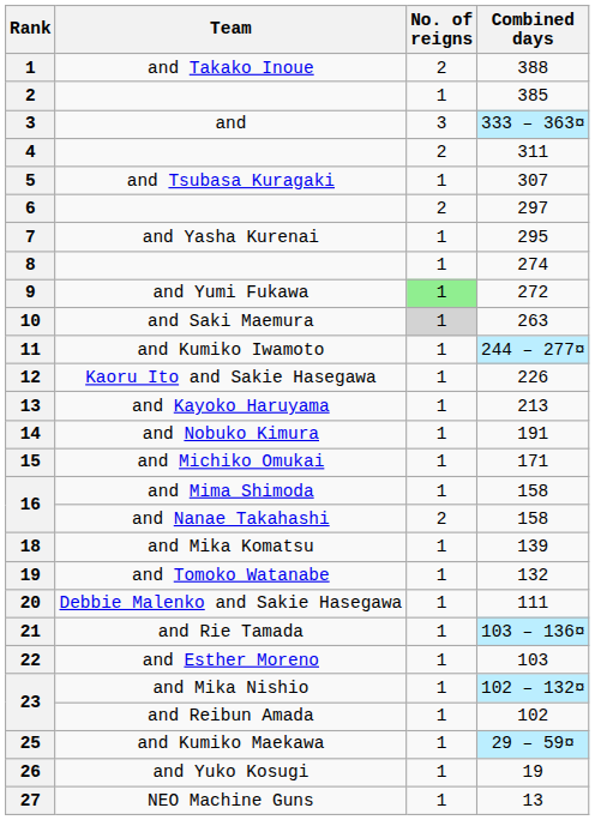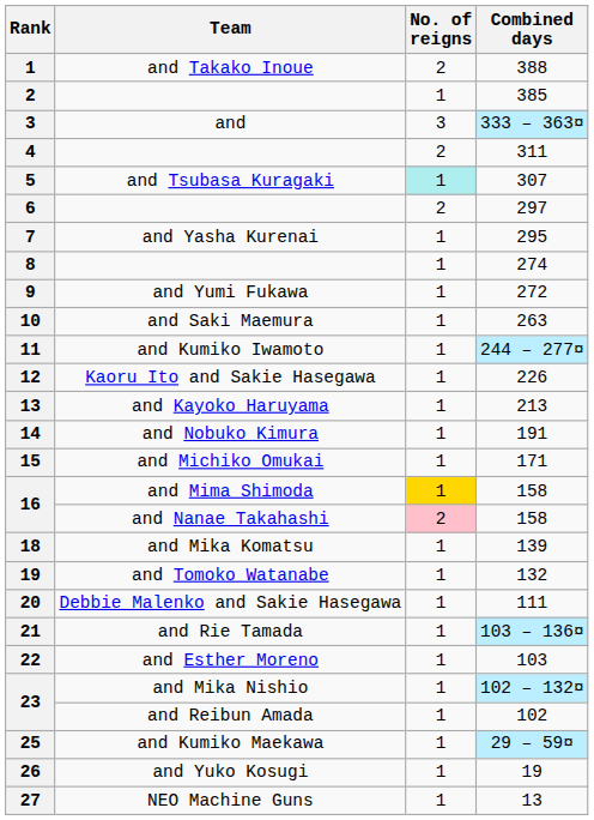 <table class="wikitable sortable" style="text-align: center">
 <tr>
 <th>Rank</th>
 <th>Team</th>
 <th>No. of<br>reigns</th>
 <th>Combined<br>days</th>
 </tr>
 <tr>
 <th>1</th>
 <td> and <a href='#'>Takako Inoue</a></td>
 <td>2</td>
 <td>388</td>
 </tr>
 <tr>
 <th>2</th>
 <td><br></td>
 <td>1</td>
 <td>385</td>
 </tr>
 <tr>
 <th>3</th>
 <td> and </td>
 <td>3</td>
 <td style="background-color:#bbeeff">333 – 363¤</td>
 </tr>
 <tr>
 <th>4</th>
 <td><br></td>
 <td>2</td>
 <td>311</td>
 </tr>
 <tr>
 <th>5</th>
 <td> and <a href='#'>Tsubasa Kuragaki</a></td>
-<td>1</td>
+<td style="background: paleturquoise;">1</td>
 <td>307</td>
 </tr>
 <tr>
 <th>6</th>
 <td><br></td>
 <td>2</td>
 <td>297</td>
 </tr>
 <tr>
 <th>7</th>
 <td> and Yasha Kurenai</td>
 <td>1</td>
 <td>295</td>
 </tr>
 <tr>
 <th>8</th>
 <td><br></td>
 <td>1</td>
 <td>274</td>
 </tr>
 <tr>
 <th>9</th>
 <td> and Yumi Fukawa</td>
-<td style="background: lightgreen;">1</td>
+<td>1</td>
 <td>272</td>
 </tr>
 <tr>
 <th>10</th>
 <td> and Saki Maemura</td>
-<td style="background: lightgrey;">1</td>
+<td>1</td>
 <td>263</td>
 </tr>
 <tr>
 <th>11</th>
 <td> and Kumiko Iwamoto</td>
 <td>1</td>
 <td style="background-color:#bbeeff">244 – 277¤</td>
 </tr>
 <tr>
 <th>12</th>
 <td><a href='#'>Kaoru Ito</a> and Sakie Hasegawa</td>
 <td>1</td>
 <td>226</td>
 </tr>
 <tr>
 <th>13</th>
 <td> and <a href='#'>Kayoko Haruyama</a></td>
 <td>1</td>
 <td>213</td>
 </tr>
 <tr>
 <th>14</th>
 <td> and <a href='#'>Nobuko Kimura</a></td>
 <td>1</td>
 <td>191</td>
 </tr>
 <tr>
 <th>15</th>
 <td> and <a href='#'>Michiko Omukai</a></td>
 <td>1</td>
 <td>171</td>
 </tr>
 <tr>
 <th rowspan=2>16</th>
 <td> and <a href='#'>Mima Shimoda</a></td>
-<td>1</td>
+<td style="background: gold;">1</td>
 <td>158</td>
 </tr>
 <tr>
 <td> and <a href='#'>Nanae Takahashi</a></td>
-<td>2</td>
+<td style="background: pink;">2</td>
 <td>158</td>
 </tr>
 <tr>
 <th>18</th>
 <td> and Mika Komatsu</td>
 <td>1</td>
 <td>139</td>
 </tr>
 <tr>
 <th>19</th>
 <td> and <a href='#'>Tomoko Watanabe</a></td>
 <td>1</td>
 <td>132</td>
 </tr>
 <tr>
 <th>20</th>
 <td><a href='#'>Debbie Malenko</a> and Sakie Hasegawa</td>
 <td>1</td>
 <td>111</td>
 </tr>
 <tr>
 <th>21</th>
 <td> and Rie Tamada</td>
 <td>1</td>
 <td style="background-color:#bbeeff">103 – 136¤</td>
 </tr>
 <tr>
 <th>22</th>
 <td> and <a href='#'>Esther Moreno</a></td>
 <td>1</td>
 <td>103</td>
 </tr>
 <tr>
 <th rowspan=2>23</th>
 <td> and Mika Nishio</td>
 <td>1</td>
 <td style="background-color:#bbeeff">102 – 132¤</td>
 </tr>
 <tr>
 <td> and Reibun Amada</td>
 <td>1</td>
 <td>102</td>
 </tr>
 <tr>
 <th>25</th>
 <td> and Kumiko Maekawa</td>
 <td>1</td>
 <td style="background-color:#bbeeff">29 – 59¤</td>
 </tr>
 <tr>
 <th>26</th>
 <td> and Yuko Kosugi</td>
 <td>1</td>
 <td>19</td>
 </tr>
 <tr>
 <th>27</th>
 <td>NEO Machine Guns<br></td>
 <td>1</td>
 <td>13</td>
 </tr>
 </table>
